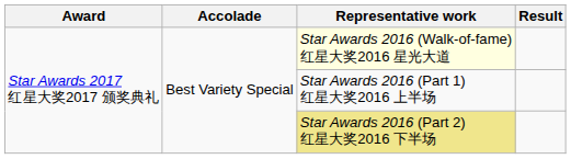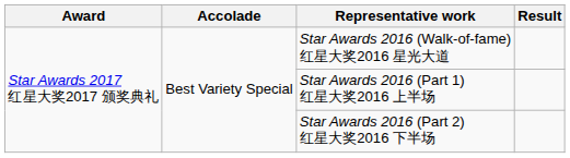 <table class="wikitable sortable">
 <tr>
 <th>Award</th>
 <th>Accolade</th>
 <th>Representative work</th>
 <th class="unsortable">Result</th>
 </tr>
 <tr>
 <td rowspan=3><em><a href='#'>Star Awards 2017</a></em><br>红星大奖2017 颁奖典礼</td>
 <td rowspan=3>Best Variety Special</td>
-<td style="background: lightyellow;"><em>Star Awards 2016</em> (Walk-of-fame)<br>红星大奖2016 星光大道</td>
+<td><em>Star Awards 2016</em> (Walk-of-fame)<br>红星大奖2016 星光大道</td>
 <td></td>
 </tr>
 <tr>
 <td><em>Star Awards 2016</em> (Part 1)<br>红星大奖2016 上半场</td>
 <td></td>
 </tr>
 <tr>
-<td style="background: khaki;"><em>Star Awards 2016</em> (Part 2)<br>红星大奖2016 下半场</td>
+<td><em>Star Awards 2016</em> (Part 2)<br>红星大奖2016 下半场</td>
 <td></td>
 </tr>
 </table>
